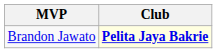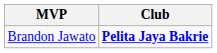 <table class="wikitable">
 <tr>
 <th>MVP</th>
 <th>Club</th>
 </tr>
 <tr>
 <td> <a href='#'>Brandon Jawato</a></td>
-<td style="background: lightyellow;"><strong><a href='#'>Pelita Jaya Bakrie</a></strong></td>
+<td><strong><a href='#'>Pelita Jaya Bakrie</a></strong></td>
 </tr>
 </table>
